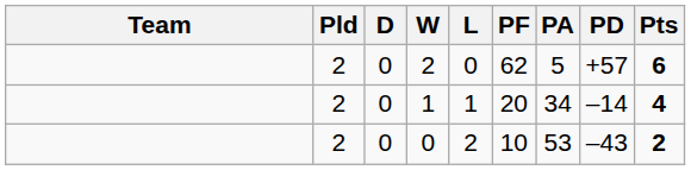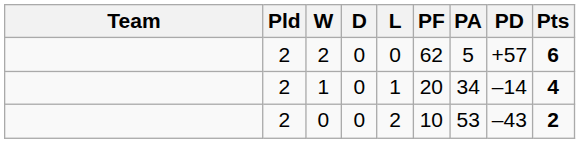 <table class="wikitable" style="text-align:center;">
 <tr>
 <th width=190>Team</th>
 <th width=20 abbr="Played">Pld</th>
+<th width=20 abbr="Won">W</th>
 <th width=20 abbr="Drawn">D</th>
-<th width=20 abbr="Won">W</th>
 <th width=20 abbr="Lost">L</th>
 <th width=20 abbr="Points for">PF</th>
 <th width=20 abbr="Points against">PA</th>
 <th width=25 abbr="Points difference">PD</th>
 <th width=20 abbr="Points">Pts</th>
 </tr>
 <tr>
 <td align=left></td>
 <td>2</td>
+<td>2</td>
 <td>0</td>
-<td>2</td>
 <td>0</td>
 <td>62</td>
 <td>5</td>
 <td>+57</td>
 <td><strong>6</strong></td>
 </tr>
 <tr>
 <td align=left></td>
 <td>2</td>
+<td>1</td>
 <td>0</td>
-<td>1</td>
 <td>1</td>
 <td>20</td>
 <td>34</td>
 <td>–14</td>
 <td><strong>4</strong></td>
 </tr>
 <tr>
 <td align=left></td>
 <td>2</td>
 <td>0</td>
 <td>0</td>
 <td>2</td>
 <td>10</td>
 <td>53</td>
 <td>–43</td>
 <td><strong>2</strong></td>
 </tr>
 </table>
